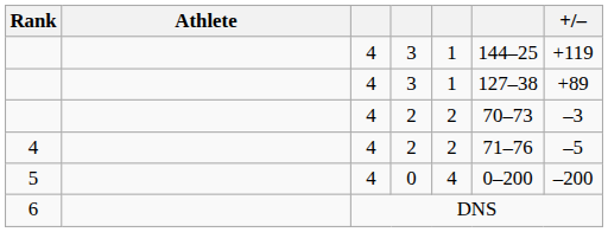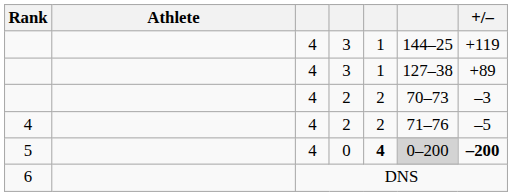 <table class="wikitable" style="text-align: center;">
 <tr>
 <th width=25>Rank</th>
 <th width=225>Athlete</th>
 <th width=25></th>
 <th width=25></th>
 <th width=25></th>
 <th width=50></th>
 <th width=40>+/–</th>
 </tr>
 <tr>
 <td></td>
 <td align=left></td>
 <td>4</td>
 <td>3</td>
 <td>1</td>
 <td>144–25</td>
 <td>+119</td>
 </tr>
 <tr>
 <td></td>
 <td align=left></td>
 <td>4</td>
 <td>3</td>
 <td>1</td>
 <td>127–38</td>
 <td>+89</td>
 </tr>
 <tr>
 <td></td>
 <td align=left></td>
 <td>4</td>
 <td>2</td>
 <td>2</td>
 <td>70–73</td>
 <td>–3</td>
 </tr>
 <tr>
 <td>4</td>
 <td align=left></td>
 <td>4</td>
 <td>2</td>
 <td>2</td>
 <td>71–76</td>
 <td>–5</td>
 </tr>
 <tr>
 <td>5</td>
 <td align=left></td>
 <td>4</td>
 <td>0</td>
-<td>4</td>
-<td>0–200</td>
-<td>–200</td>
+<td><strong>4</strong></td>
+<td style="background: lightgrey;">0–200</td>
+<td><strong>–200</strong></td>
 </tr>
 <tr>
 <td>6</td>
 <td align=left></td>
 <td colspan=5>DNS</td>
 </tr>
 </table>
